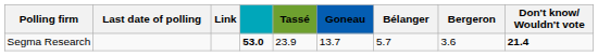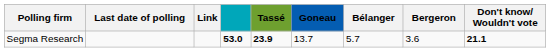 <table class="wikitable sortable">
 <tr style="background:#e9e9e9;">
 <th width=15%>Polling firm</th>
 <th width=20%>Last date of polling</th>
 <th style="width:5%;" class="unsortable">Link</th>
 <th style= "background-color: #00a7ba;" align="center"><strong><a href='#'><span></span></a></strong></th>
 <th style= "background-color: #6EA02F;" align="center"><strong><span>Tassé</span></strong></th>
 <th style= "background-color: #045DB2;" align="center"><strong><span>Goneau</span></strong></th>
 <th style="background-color:"><strong>Bélanger</strong></th>
 <th style="background-color:"><strong>Bergeron</strong></th>
 <th width=15%>Don't know/<br>Wouldn't vote</th>
 </tr>
 <tr>
 <td rowspan=1>Segma Research</td>
 <td rowspan=1></td>
 <td rowspan=1></td>
 <td><strong>53.0</strong></td>
-<td>23.9</td>
+<td><strong>23.9</strong></td>
 <td>13.7</td>
 <td>5.7</td>
 <td>3.6</td>
-<td><strong>21.4</strong></td>
+<td><strong>21.1</strong></td>
 </tr>
 </table>
